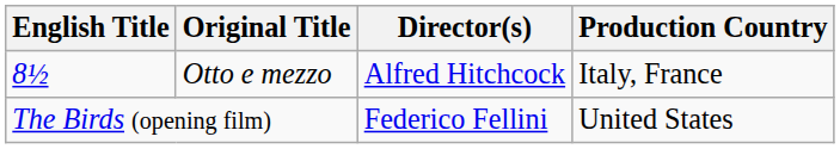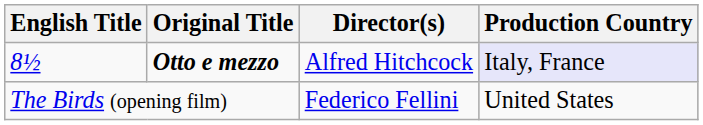 <table class="wikitable">
 <tr>
 <th>English Title</th>
 <th>Original Title</th>
 <th>Director(s)</th>
 <th>Production Country</th>
 </tr>
 <tr>
 <td><em><a href='#'>8½</a></em></td>
-<td><em>Otto e mezzo</em></td>
+<td><strong><em>Otto e mezzo</em></strong></td>
 <td><a href='#'>Alfred Hitchcock</a></td>
-<td>Italy, France</td>
+<td style="background: lavender;">Italy, France</td>
 </tr>
 <tr>
 <td colspan="2"><em><a href='#'>The Birds</a></em> <small>(opening film)</small></td>
 <td><a href='#'>Federico Fellini</a></td>
 <td>United States</td>
 </tr>
 </table>
